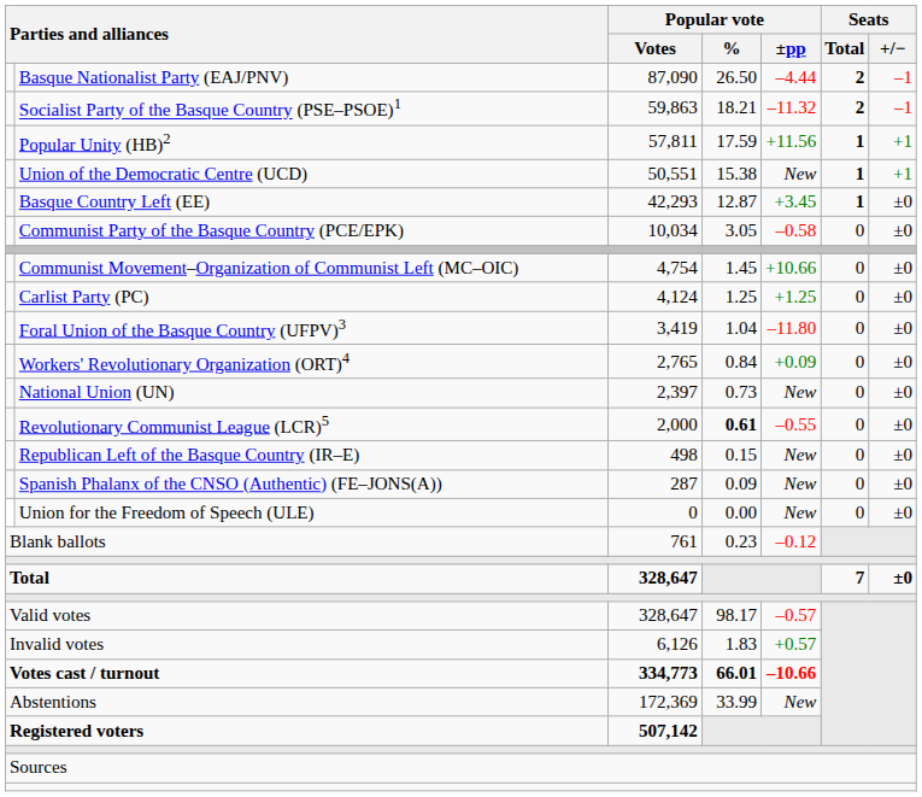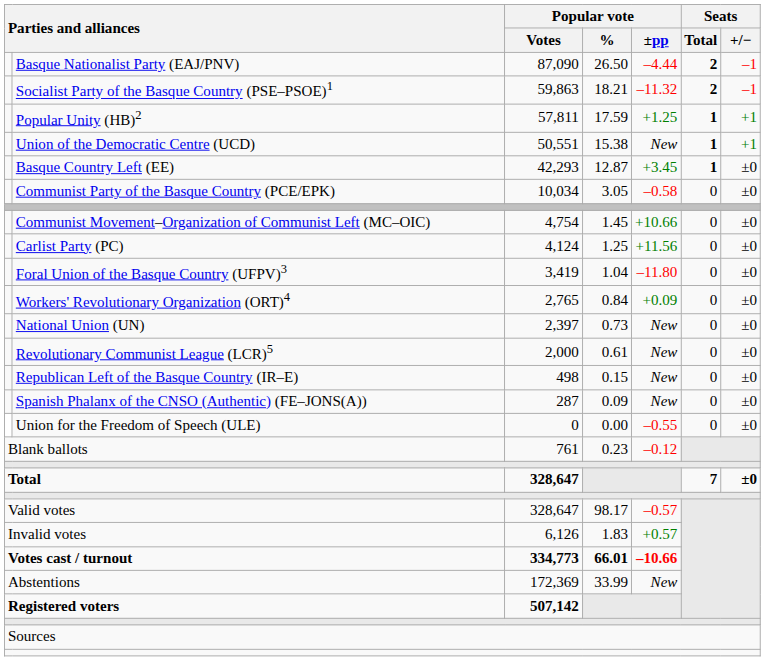 <table class="wikitable" style="text-align:right;">
 <tr>
 <th style="text-align:left;" rowspan="2" colspan="2" width="525">Parties and alliances</th>
 <th colspan="3">Popular vote</th>
 <th colspan="2">Seats</th>
 </tr>
 <tr>
 <th width="75">Votes</th>
 <th width="45">%</th>
 <th width="45">±<a href='#'>pp</a></th>
 <th width="35">Total</th>
 <th width="35">+/−</th>
 </tr>
 <tr>
 <td width="1" style="color:inherit;background:"></td>
 <td align="left"><a href='#'>Basque Nationalist Party</a> (EAJ/PNV)</td>
 <td>87,090</td>
 <td>26.50</td>
 <td style="color:red;">–4.44</td>
 <td><strong>2</strong></td>
 <td style="color:red;">–1</td>
 </tr>
 <tr>
 <td style="color:inherit;background:"></td>
 <td align="left"><a href='#'>Socialist Party of the Basque Country</a> (PSE–PSOE)<sup>1</sup></td>
 <td>59,863</td>
 <td>18.21</td>
 <td style="color:red;">–11.32</td>
 <td><strong>2</strong></td>
 <td style="color:red;">–1</td>
 </tr>
 <tr>
 <td style="color:inherit;background:"></td>
 <td align="left"><a href='#'>Popular Unity</a> (HB)<sup>2</sup></td>
 <td>57,811</td>
 <td>17.59</td>
-<td style="color:green;">+11.56</td>
+<td style="color:green;">+1.25</td>
 <td><strong>1</strong></td>
 <td style="color:green;">+1</td>
 </tr>
 <tr>
 <td style="color:inherit;background:"></td>
 <td align="left"><a href='#'>Union of the Democratic Centre</a> (UCD)</td>
 <td>50,551</td>
 <td>15.38</td>
 <td><em>New</em></td>
 <td><strong>1</strong></td>
 <td style="color:green;">+1</td>
 </tr>
 <tr>
 <td style="color:inherit;background:"></td>
 <td align="left"><a href='#'>Basque Country Left</a> (EE)</td>
 <td>42,293</td>
 <td>12.87</td>
 <td style="color:green;">+3.45</td>
 <td><strong>1</strong></td>
 <td>±0</td>
 </tr>
 <tr>
 <td style="color:inherit;background:"></td>
 <td align="left"><a href='#'>Communist Party of the Basque Country</a> (PCE/EPK)</td>
 <td>10,034</td>
 <td>3.05</td>
 <td style="color:red;">–0.58</td>
 <td>0</td>
 <td>±0</td>
 </tr>
 <tr>
 <td colspan="7" bgcolor="#C0C0C0"></td>
 </tr>
 <tr>
 <td style="color:inherit;background:"></td>
 <td align="left"><a href='#'>Communist Movement</a>–<a href='#'>Organization of Communist Left</a> (MC–OIC)</td>
 <td>4,754</td>
 <td>1.45</td>
 <td style="color:green;">+10.66</td>
 <td>0</td>
 <td>±0</td>
 </tr>
 <tr>
 <td style="color:inherit;background:"></td>
 <td align="left"><a href='#'>Carlist Party</a> (PC)</td>
 <td>4,124</td>
 <td>1.25</td>
-<td style="color:green;">+1.25</td>
+<td style="color:green;">+11.56</td>
 <td>0</td>
 <td>±0</td>
 </tr>
 <tr>
 <td style="color:inherit;background:"></td>
 <td align="left"><a href='#'>Foral Union of the Basque Country</a> (UFPV)<sup>3</sup></td>
 <td>3,419</td>
 <td>1.04</td>
 <td style="color:red;">–11.80</td>
 <td>0</td>
 <td>±0</td>
 </tr>
 <tr>
 <td style="color:inherit;background:"></td>
 <td align="left"><a href='#'>Workers' Revolutionary Organization</a> (ORT)<sup>4</sup></td>
 <td>2,765</td>
 <td>0.84</td>
 <td style="color:green;">+0.09</td>
 <td>0</td>
 <td>±0</td>
 </tr>
 <tr>
 <td style="color:inherit;background:"></td>
 <td align="left"><a href='#'>National Union</a> (UN)</td>
 <td>2,397</td>
 <td>0.73</td>
 <td><em>New</em></td>
 <td>0</td>
 <td>±0</td>
 </tr>
 <tr>
 <td style="color:inherit;background:"></td>
 <td align="left"><a href='#'>Revolutionary Communist League</a> (LCR)<sup>5</sup></td>
 <td>2,000</td>
-<td><strong>0.61</strong></td>
-<td style="color:red;">–0.55</td>
+<td>0.61</td>
+<td><em>New</em></td>
 <td>0</td>
 <td>±0</td>
 </tr>
 <tr>
 <td style="color:inherit;background:"></td>
 <td align="left"><a href='#'>Republican Left of the Basque Country</a> (IR–E)</td>
 <td>498</td>
 <td>0.15</td>
 <td><em>New</em></td>
 <td>0</td>
 <td>±0</td>
 </tr>
 <tr>
 <td style="color:inherit;background:"></td>
 <td align="left"><a href='#'>Spanish Phalanx of the CNSO (Authentic)</a> (FE–JONS(A))</td>
 <td>287</td>
 <td>0.09</td>
 <td><em>New</em></td>
 <td>0</td>
 <td>±0</td>
 </tr>
 <tr>
 <td bgcolor="white"></td>
 <td align="left">Union for the Freedom of Speech (ULE)</td>
 <td>0</td>
 <td>0.00</td>
-<td><em>New</em></td>
+<td style="color:red;">–0.55</td>
 <td>0</td>
 <td>±0</td>
 </tr>
 <tr>
 <td align="left" colspan="2">Blank ballots</td>
 <td>761</td>
 <td>0.23</td>
 <td style="color:red;">–0.12</td>
 <td bgcolor="#E9E9E9" colspan="2"></td>
 </tr>
 <tr>
 <td colspan="7" bgcolor="#E9E9E9"></td>
 </tr>
 <tr style="font-weight:bold;">
 <td align="left" colspan="2">Total</td>
 <td>328,647</td>
 <td bgcolor="#E9E9E9" colspan="2"></td>
 <td>7</td>
 <td>±0</td>
 </tr>
 <tr>
 <td colspan="7" bgcolor="#E9E9E9"></td>
 </tr>
 <tr>
 <td align="left" colspan="2">Valid votes</td>
 <td>328,647</td>
 <td>98.17</td>
 <td style="color:red;">–0.57</td>
 <td bgcolor="#E9E9E9" colspan="2" rowspan="5"></td>
 </tr>
 <tr>
 <td align="left" colspan="2">Invalid votes</td>
 <td>6,126</td>
 <td>1.83</td>
 <td style="color:green;">+0.57</td>
 </tr>
 <tr style="font-weight:bold;">
 <td align="left" colspan="2">Votes cast / turnout</td>
 <td>334,773</td>
 <td>66.01</td>
 <td style="color:red;">–10.66</td>
 </tr>
 <tr>
 <td align="left" colspan="2">Abstentions</td>
 <td>172,369</td>
 <td>33.99</td>
 <td><em>New</em></td>
 </tr>
 <tr style="font-weight:bold;">
 <td align="left" colspan="2">Registered voters</td>
 <td>507,142</td>
 <td bgcolor="#E9E9E9" colspan="2"></td>
 </tr>
 <tr>
 <td colspan="7" bgcolor="#E9E9E9"></td>
 </tr>
 <tr>
 <td align="left" colspan="7">Sources</td>
 </tr>
 <tr>
 <td colspan="7" style="text-align:left; max-width:790px;"></td>
 </tr>
 </table>
